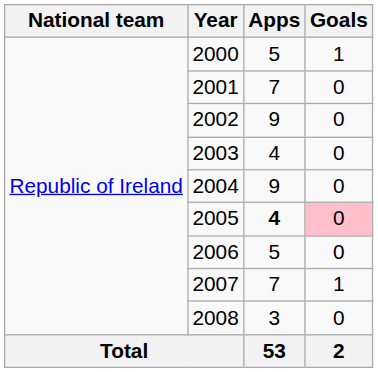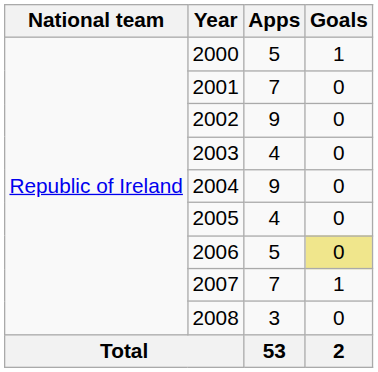 <table class="wikitable" style="text-align:center">
 <tr>
 <th>National team</th>
 <th>Year</th>
 <th>Apps</th>
 <th>Goals</th>
 </tr>
 <tr>
 <td rowspan="9"><a href='#'>Republic of Ireland</a></td>
 <td>2000</td>
 <td>5</td>
 <td>1</td>
 </tr>
 <tr>
 <td>2001</td>
 <td>7</td>
 <td>0</td>
 </tr>
 <tr>
 <td>2002</td>
 <td>9</td>
 <td>0</td>
 </tr>
 <tr>
 <td>2003</td>
 <td>4</td>
 <td>0</td>
 </tr>
 <tr>
 <td>2004</td>
 <td>9</td>
 <td>0</td>
 </tr>
 <tr>
 <td>2005</td>
-<td><strong>4</strong></td>
-<td style="background: pink;">0</td>
+<td>4</td>
+<td>0</td>
 </tr>
 <tr>
 <td>2006</td>
 <td>5</td>
-<td>0</td>
+<td style="background: khaki;">0</td>
 </tr>
 <tr>
 <td>2007</td>
 <td>7</td>
 <td>1</td>
 </tr>
 <tr>
 <td>2008</td>
 <td>3</td>
 <td>0</td>
 </tr>
 <tr>
 <th colspan="2">Total</th>
 <th>53</th>
 <th>2</th>
 </tr>
 </table>
